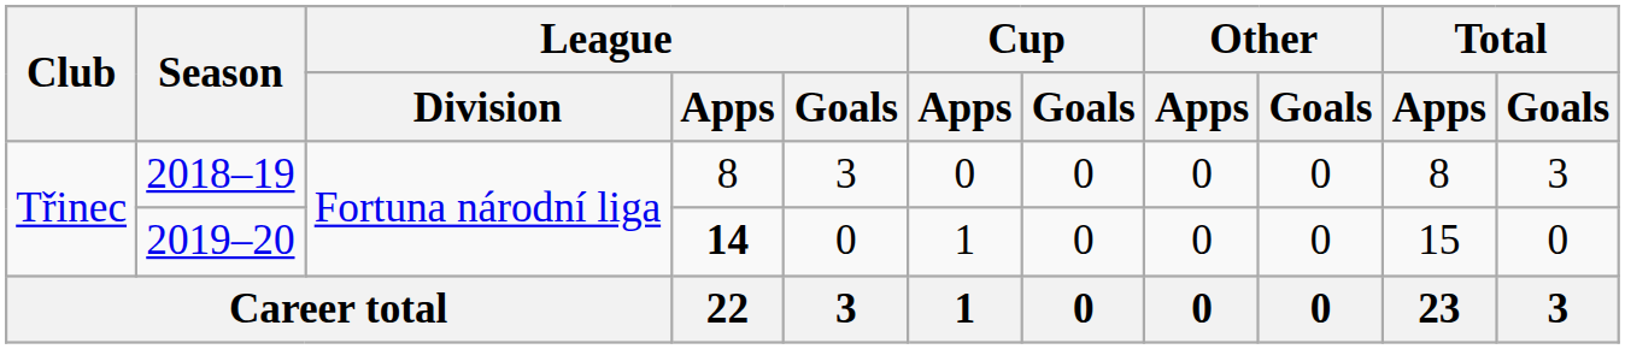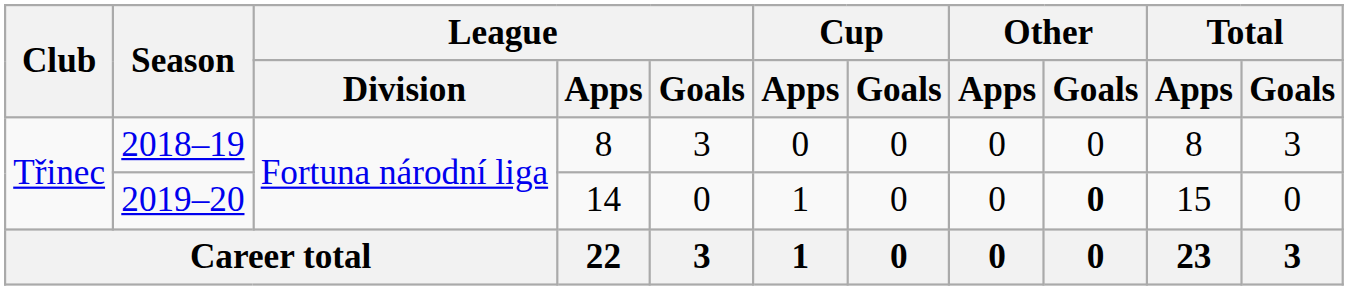 <table class="wikitable" style="text-align: center">
 <tr>
 <th rowspan="2">Club</th>
 <th rowspan="2">Season</th>
 <th colspan="3">League</th>
 <th colspan="2">Cup</th>
 <th colspan="2">Other</th>
 <th colspan="2">Total</th>
 </tr>
 <tr>
 <th>Division</th>
 <th>Apps</th>
 <th>Goals</th>
 <th>Apps</th>
 <th>Goals</th>
 <th>Apps</th>
 <th>Goals</th>
 <th>Apps</th>
 <th>Goals</th>
 </tr>
 <tr>
 <td rowspan="2"><a href='#'>Třinec</a></td>
 <td><a href='#'>2018–19</a></td>
 <td rowspan="2"><a href='#'>Fortuna národní liga</a></td>
 <td>8</td>
 <td>3</td>
 <td>0</td>
 <td>0</td>
 <td>0</td>
 <td>0</td>
 <td>8</td>
 <td>3</td>
 </tr>
 <tr>
 <td><a href='#'>2019–20</a></td>
-<td><strong>14</strong></td>
+<td>14</td>
 <td>0</td>
 <td>1</td>
 <td>0</td>
 <td>0</td>
-<td>0</td>
+<td><strong>0</strong></td>
 <td>15</td>
 <td>0</td>
 </tr>
 <tr>
 <th colspan="3"><strong>Career total</strong></th>
 <th>22</th>
 <th>3</th>
 <th>1</th>
 <th>0</th>
 <th>0</th>
 <th>0</th>
 <th>23</th>
 <th>3</th>
 </tr>
 </table>
